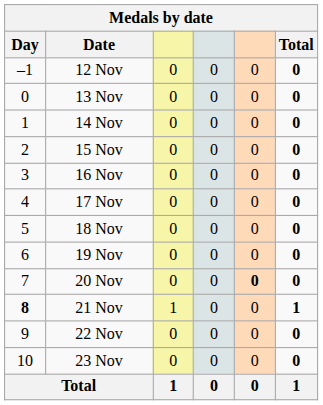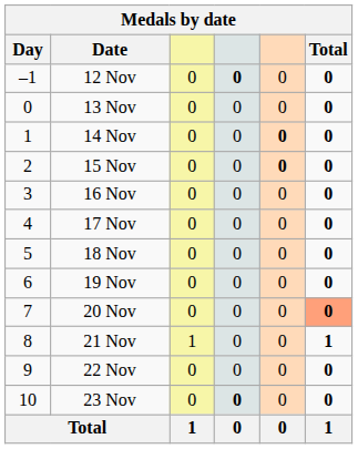 <table class="wikitable" style="font-size:90%; text-align:center;">
 <tr style="background:#efefef;">
 <th colspan=6><strong>Medals by date</strong></th>
 </tr>
 <tr>
 <th width=30><strong>Day</strong></th>
 <th width=90><strong>Date</strong></th>
 <th width=30 style="background:#F7F6A8;"></th>
 <th width=30 style="background:#DCE5E5;"></th>
 <th width=30 style="background:#FFDAB9;"></th>
 <th width=30><strong>Total</strong></th>
 </tr>
 <tr>
 <td>–1</td>
 <td>12 Nov</td>
 <td style="background:#F7F6A8;">0</td>
-<td style="background:#DCE5E5;">0</td>
+<td style="background:#DCE5E5;"><strong>0</strong></td>
 <td style="background:#FFDAB9;">0</td>
 <td><strong>0</strong></td>
 </tr>
 <tr>
 <td>0</td>
 <td>13 Nov</td>
 <td style="background:#F7F6A8;">0</td>
 <td style="background:#DCE5E5;">0</td>
 <td style="background:#FFDAB9;">0</td>
 <td><strong>0</strong></td>
 </tr>
 <tr>
 <td>1</td>
 <td>14 Nov</td>
 <td style="background:#F7F6A8;">0</td>
 <td style="background:#DCE5E5;">0</td>
-<td style="background:#FFDAB9;">0</td>
+<td style="background:#FFDAB9;"><strong>0</strong></td>
 <td><strong>0</strong></td>
 </tr>
 <tr>
 <td>2</td>
 <td>15 Nov</td>
 <td style="background:#F7F6A8;">0</td>
 <td style="background:#DCE5E5;">0</td>
-<td style="background:#FFDAB9;">0</td>
+<td style="background:#FFDAB9;"><strong>0</strong></td>
 <td><strong>0</strong></td>
 </tr>
 <tr>
 <td>3</td>
 <td>16 Nov</td>
 <td style="background:#F7F6A8;">0</td>
 <td style="background:#DCE5E5;">0</td>
 <td style="background:#FFDAB9;">0</td>
 <td><strong>0</strong></td>
 </tr>
 <tr>
 <td>4</td>
 <td>17 Nov</td>
 <td style="background:#F7F6A8;">0</td>
 <td style="background:#DCE5E5;">0</td>
 <td style="background:#FFDAB9;">0</td>
 <td><strong>0</strong></td>
 </tr>
 <tr>
 <td>5</td>
 <td>18 Nov</td>
 <td style="background:#F7F6A8;">0</td>
 <td style="background:#DCE5E5;">0</td>
 <td style="background:#FFDAB9;">0</td>
 <td><strong>0</strong></td>
 </tr>
 <tr>
 <td>6</td>
 <td>19 Nov</td>
 <td style="background:#F7F6A8;">0</td>
 <td style="background:#DCE5E5;">0</td>
 <td style="background:#FFDAB9;">0</td>
 <td><strong>0</strong></td>
 </tr>
 <tr>
 <td>7</td>
 <td>20 Nov</td>
 <td style="background:#F7F6A8;">0</td>
 <td style="background:#DCE5E5;">0</td>
-<td style="background:#FFDAB9;"><strong>0</strong></td>
-<td><strong>0</strong></td>
+<td style="background:#FFDAB9;">0</td>
+<td style="background: lightsalmon;"><strong>0</strong></td>
 </tr>
 <tr>
-<td><strong>8</strong></td>
+<td>8</td>
 <td>21 Nov</td>
 <td style="background:#F7F6A8;">1</td>
 <td style="background:#DCE5E5;">0</td>
 <td style="background:#FFDAB9;">0</td>
 <td><strong>1</strong></td>
 </tr>
 <tr>
 <td>9</td>
 <td>22 Nov</td>
 <td style="background:#F7F6A8;">0</td>
 <td style="background:#DCE5E5;">0</td>
 <td style="background:#FFDAB9;">0</td>
 <td><strong>0</strong></td>
 </tr>
 <tr>
 <td>10</td>
 <td>23 Nov</td>
 <td style="background:#F7F6A8;">0</td>
-<td style="background:#DCE5E5;">0</td>
+<td style="background:#DCE5E5;"><strong>0</strong></td>
 <td style="background:#FFDAB9;">0</td>
 <td><strong>0</strong></td>
 </tr>
 <tr>
 <th colspan="2"><strong>Total</strong></th>
 <th><strong>1</strong></th>
 <th><strong>0</strong></th>
 <th><strong>0</strong></th>
 <th><strong>1</strong></th>
 </tr>
 </table>
